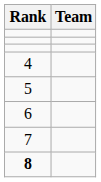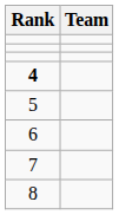 <table class="wikitable" style="text-align: center;">
 <tr>
 <th width=40>Rank</th>
 <th>Team</th>
 </tr>
 <tr>
 <td></td>
 <td align="left"></td>
 </tr>
 <tr>
 <td></td>
 <td align="left"></td>
 </tr>
 <tr>
 <td></td>
 <td align="left"></td>
 </tr>
 <tr>
-<td>4</td>
+<td><strong>4</strong></td>
 <td align="left"></td>
 </tr>
 <tr>
 <td>5</td>
 <td align="left"></td>
 </tr>
 <tr>
 <td>6</td>
 <td align="left"></td>
 </tr>
 <tr>
 <td>7</td>
 <td align="left"></td>
 </tr>
 <tr>
-<td><strong>8</strong></td>
+<td>8</td>
 <td align="left"></td>
 </tr>
 </table>
